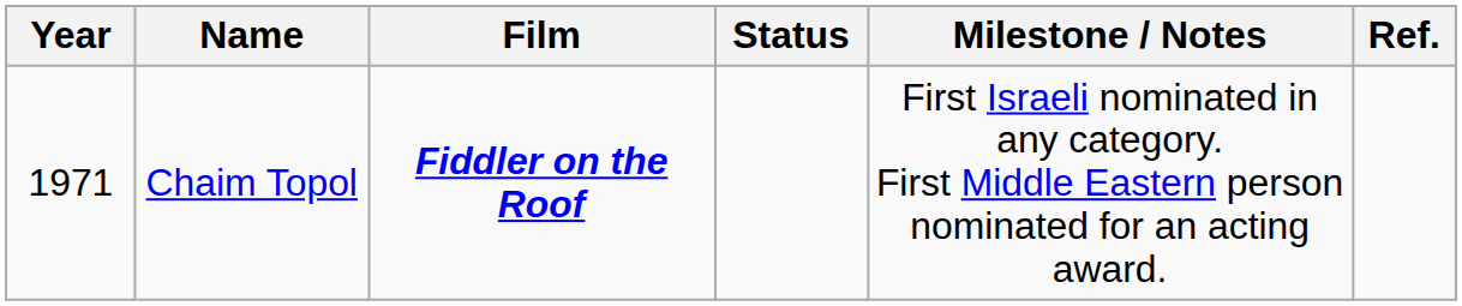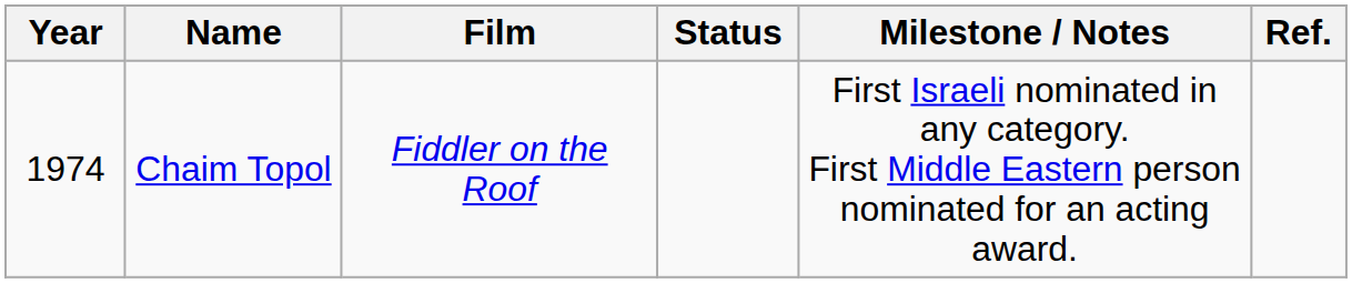 <table class="wikitable" style="text-align: center">
 <tr ---- bgcolor="#bfd7ff">
 </tr>
 <tr ---- bgcolor="#ebf5ff">
 <th width="75">Year</th>
 <th width="200">Name</th>
 <th width="350">Film</th>
 <th width="75">Status</th>
 <th width="500">Milestone / Notes</th>
 <th width="50">Ref.</th>
 </tr>
 <tr>
-<td style="text-align: center">1971</td>
+<td style="text-align: center">1974</td>
 <td><a href='#'>Chaim Topol</a></td>
-<td><strong><em><a href='#'>Fiddler on the Roof</a></em></strong></td>
+<td><em><a href='#'>Fiddler on the Roof</a></em></td>
 <td></td>
 <td>First <a href='#'>Israeli</a> nominated in any category. <br> First <a href='#'>Middle Eastern</a> person nominated for an acting award.</td>
 <td></td>
 </tr>
 </table>
